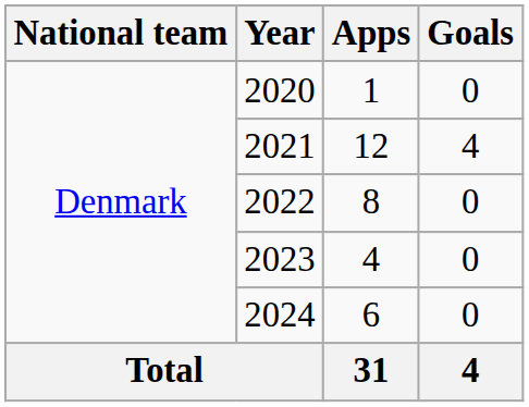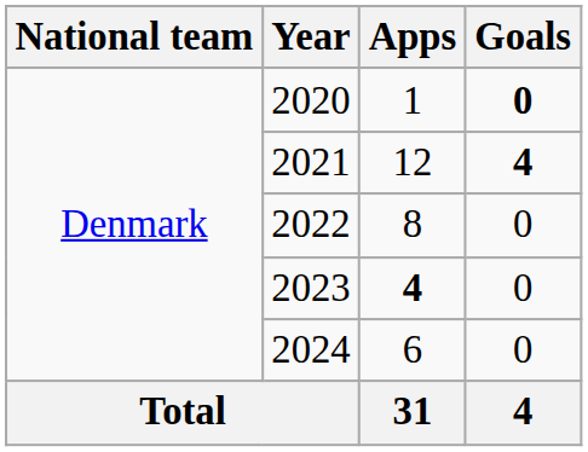 <table class=wikitable style=text-align:center>
 <tr>
 <th>National team</th>
 <th>Year</th>
 <th>Apps</th>
 <th>Goals</th>
 </tr>
 <tr>
 <td rowspan=5><a href='#'>Denmark</a></td>
 <td>2020</td>
 <td>1</td>
-<td>0</td>
+<td><strong>0</strong></td>
 </tr>
 <tr>
 <td>2021</td>
 <td>12</td>
-<td>4</td>
+<td><strong>4</strong></td>
 </tr>
 <tr>
 <td>2022</td>
 <td>8</td>
 <td>0</td>
 </tr>
 <tr>
 <td>2023</td>
-<td>4</td>
+<td><strong>4</strong></td>
 <td>0</td>
 </tr>
 <tr>
 <td>2024</td>
 <td>6</td>
 <td>0</td>
 </tr>
 <tr>
 <th colspan=2>Total</th>
 <th>31</th>
 <th>4</th>
 </tr>
 </table>
